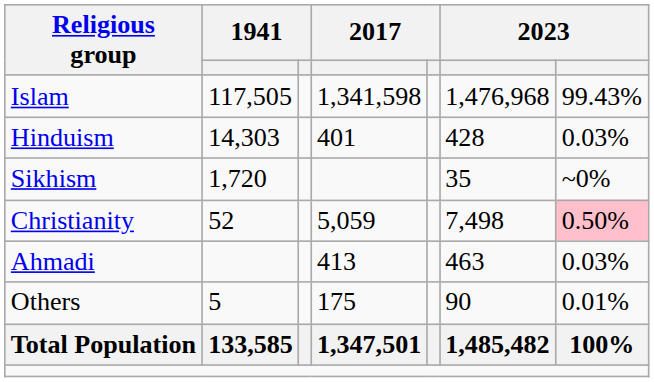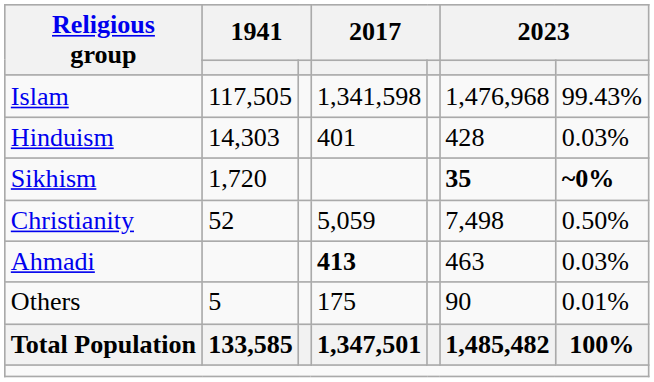 <table class="wikitable sortable">
 <tr>
 <th rowspan="2"><a href='#'>Religious</a><br>group</th>
 <th colspan="2">1941</th>
 <th colspan="2">2017</th>
 <th colspan="2">2023</th>
 </tr>
 <tr>
 <th><a href='#'></a></th>
 <th></th>
 <th></th>
 <th></th>
 <th></th>
 <th></th>
 </tr>
 <tr>
 <td><a href='#'>Islam</a> </td>
 <td>117,505</td>
 <td></td>
 <td>1,341,598</td>
 <td></td>
 <td>1,476,968</td>
 <td>99.43%</td>
 </tr>
 <tr>
 <td><a href='#'>Hinduism</a> </td>
 <td>14,303</td>
 <td></td>
 <td>401</td>
 <td></td>
 <td>428</td>
 <td>0.03%</td>
 </tr>
 <tr>
 <td><a href='#'>Sikhism</a> </td>
 <td>1,720</td>
 <td></td>
 <td></td>
 <td></td>
-<td>35</td>
-<td>~0%</td>
+<td><strong>35</strong></td>
+<td><strong>~0%</strong></td>
 </tr>
 <tr>
 <td><a href='#'>Christianity</a> </td>
 <td>52</td>
 <td></td>
 <td>5,059</td>
 <td></td>
 <td>7,498</td>
-<td style="background: pink;">0.50%</td>
+<td>0.50%</td>
 </tr>
 <tr>
 <td><a href='#'>Ahmadi</a></td>
 <td></td>
 <td></td>
-<td>413</td>
+<td><strong>413</strong></td>
 <td></td>
 <td>463</td>
 <td>0.03%</td>
 </tr>
 <tr>
 <td>Others</td>
 <td>5</td>
 <td></td>
 <td>175</td>
 <td></td>
 <td>90</td>
 <td>0.01%</td>
 </tr>
 <tr>
 <th>Total Population</th>
 <th>133,585</th>
 <th></th>
 <th>1,347,501</th>
 <th></th>
 <th>1,485,482</th>
 <th>100%</th>
 </tr>
 <tr class="sortbottom">
 <td colspan="7"></td>
 </tr>
 </table>
